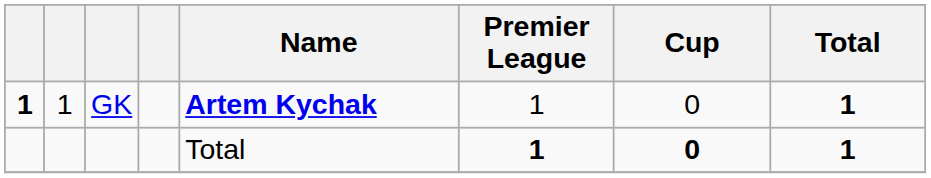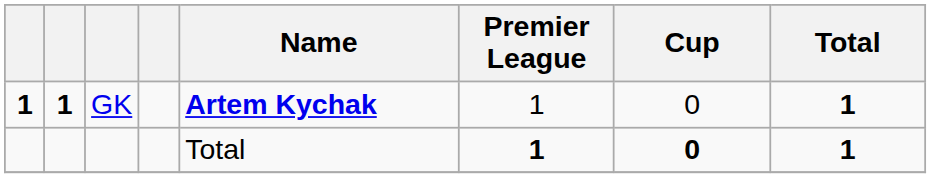 <table class="wikitable" style="text-align:center">
 <tr>
 <th width=15></th>
 <th width=15></th>
 <th width=15></th>
 <th width=15></th>
 <th width=150>Name</th>
 <th width=80><strong>Premier League</strong></th>
 <th width=80><strong>Cup</strong></th>
 <th width=80>Total</th>
 </tr>
 <tr>
 <td><strong>1</strong></td>
-<td>1</td>
+<td><strong>1</strong></td>
 <td><a href='#'>GK</a></td>
 <td></td>
 <td align=left><strong><a href='#'>Artem Kychak</a></strong></td>
 <td>1</td>
 <td>0</td>
 <td><strong>1</strong></td>
 </tr>
 <tr>
 <td></td>
 <td></td>
 <td></td>
 <td></td>
 <td align=left>Total</td>
 <td><strong>1</strong></td>
 <td><strong>0</strong></td>
 <td><strong>1</strong></td>
 </tr>
 <tr>
 </tr>
 </table>
